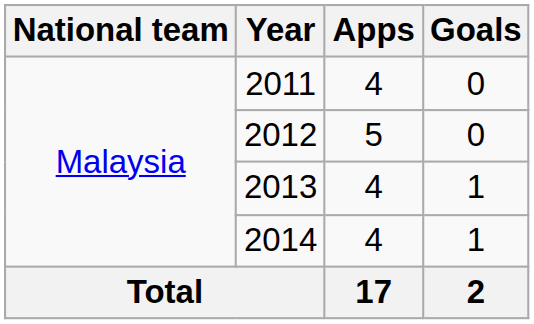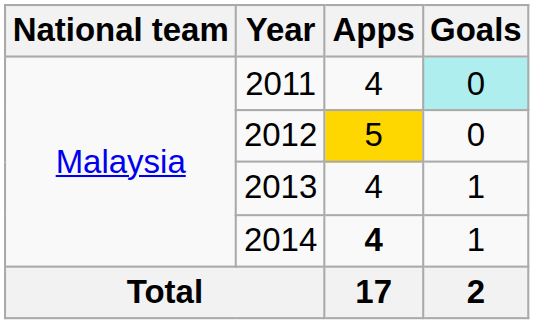 <table class="wikitable" style="text-align:center">
 <tr>
 <th>National team</th>
 <th>Year</th>
 <th>Apps</th>
 <th>Goals</th>
 </tr>
 <tr>
 <td rowspan="4"><a href='#'>Malaysia</a></td>
 <td>2011</td>
 <td>4</td>
-<td>0</td>
+<td style="background: paleturquoise;">0</td>
 </tr>
 <tr>
 <td>2012</td>
-<td>5</td>
+<td style="background: gold;">5</td>
 <td>0</td>
 </tr>
 <tr>
 <td>2013</td>
 <td>4</td>
 <td>1</td>
 </tr>
 <tr>
 <td>2014</td>
-<td>4</td>
+<td><strong>4</strong></td>
 <td>1</td>
 </tr>
 <tr>
 <th colspan="2">Total</th>
 <th>17</th>
 <th>2</th>
 </tr>
 </table>
